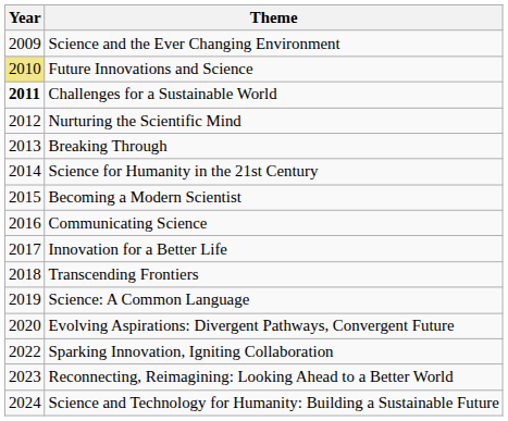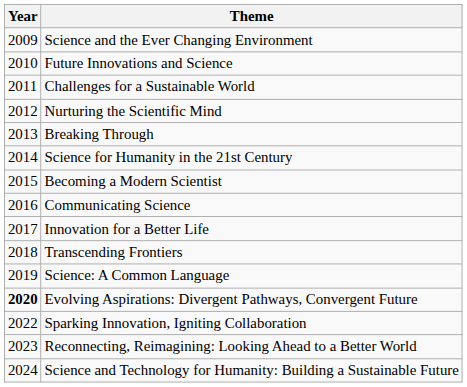 <table class="wikitable">
 <tr>
 <th>Year</th>
 <th>Theme</th>
 </tr>
 <tr>
 <td>2009</td>
 <td>Science and the Ever Changing Environment</td>
 </tr>
 <tr>
-<td style="background: khaki;">2010</td>
+<td>2010</td>
 <td>Future Innovations and Science </td>
 </tr>
 <tr>
-<td><strong>2011</strong></td>
+<td>2011</td>
 <td>Challenges for a Sustainable World </td>
 </tr>
 <tr>
 <td>2012</td>
 <td>Nurturing the Scientific Mind </td>
 </tr>
 <tr>
 <td>2013</td>
 <td>Breaking Through </td>
 </tr>
 <tr>
 <td>2014</td>
 <td>Science for Humanity in the 21st Century </td>
 </tr>
 <tr>
 <td>2015</td>
 <td>Becoming a Modern Scientist </td>
 </tr>
 <tr>
 <td>2016</td>
 <td>Communicating Science </td>
 </tr>
 <tr>
 <td>2017</td>
 <td>Innovation for a Better Life </td>
 </tr>
 <tr>
 <td>2018</td>
 <td>Transcending Frontiers </td>
 </tr>
 <tr>
 <td>2019</td>
 <td>Science: A Common Language </td>
 </tr>
 <tr>
-<td>2020</td>
+<td><strong>2020</strong></td>
 <td>Evolving Aspirations: Divergent Pathways, Convergent Future </td>
 </tr>
 <tr>
 <td>2022</td>
 <td>Sparking Innovation, Igniting Collaboration </td>
 </tr>
 <tr>
 <td>2023</td>
 <td>Reconnecting, Reimagining: Looking Ahead to a Better World</td>
 </tr>
 <tr>
 <td>2024</td>
 <td>Science and Technology for Humanity: Building a Sustainable Future</td>
 </tr>
 </table>
